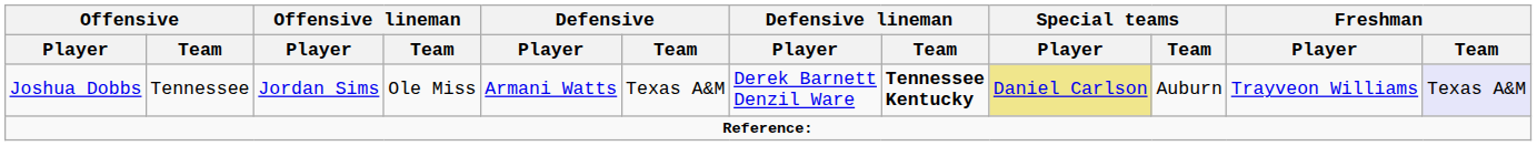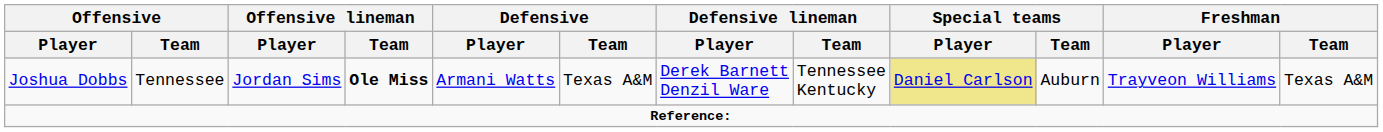 <table class="wikitable">
 <tr>
 <th colspan="2">Offensive</th>
 <th colspan="2">Offensive lineman</th>
 <th colspan="2">Defensive</th>
 <th colspan="2">Defensive lineman</th>
 <th colspan="2">Special teams</th>
 <th colspan="2">Freshman</th>
 </tr>
 <tr>
 <th>Player</th>
 <th>Team</th>
 <th>Player</th>
 <th>Team</th>
 <th>Player</th>
 <th>Team</th>
 <th>Player</th>
 <th>Team</th>
 <th>Player</th>
 <th>Team</th>
 <th>Player</th>
 <th>Team</th>
 </tr>
 <tr>
 <td><a href='#'>Joshua Dobbs</a></td>
 <td>Tennessee</td>
 <td><a href='#'>Jordan Sims</a></td>
-<td>Ole Miss</td>
+<td><strong>Ole Miss</strong></td>
 <td><a href='#'>Armani Watts</a></td>
 <td>Texas A&M</td>
 <td><a href='#'>Derek Barnett</a><br><a href='#'>Denzil Ware</a></td>
-<td><strong>Tennessee<br>Kentucky</strong></td>
+<td>Tennessee<br>Kentucky</td>
 <td style="background: khaki;"><a href='#'>Daniel Carlson</a></td>
 <td>Auburn</td>
 <td><a href='#'>Trayveon Williams</a></td>
-<td style="background: lavender;">Texas A&M</td>
+<td>Texas A&M</td>
 </tr>
 <tr>
 <td colspan="12"  style="font-size:8pt; text-align:center;"><strong>Reference:</strong></td>
 </tr>
 </table>
